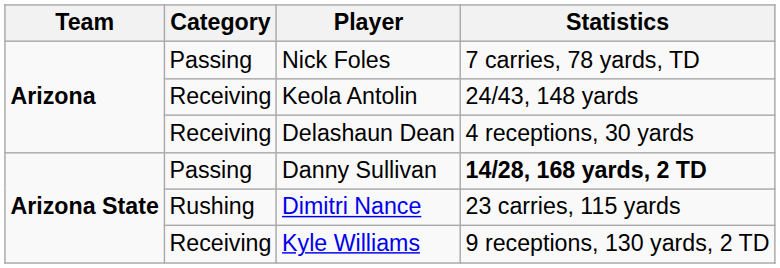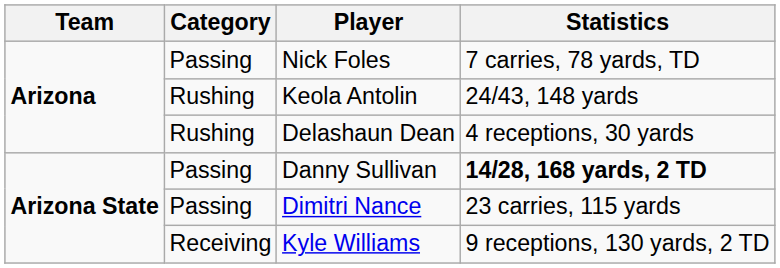 <table class="wikitable" style="float: right;">
 <tr>
 <th>Team</th>
 <th>Category</th>
 <th>Player</th>
 <th>Statistics</th>
 </tr>
 <tr>
 <td rowspan=3><strong>Arizona</strong></td>
 <td>Passing</td>
 <td>Nick Foles</td>
 <td>7 carries, 78 yards, TD</td>
 </tr>
 <tr>
-<td>Receiving</td>
+<td>Rushing</td>
 <td>Keola Antolin</td>
 <td>24/43, 148 yards</td>
 </tr>
 <tr>
-<td>Receiving</td>
+<td>Rushing</td>
 <td>Delashaun Dean</td>
 <td>4 receptions, 30 yards</td>
 </tr>
 <tr>
 <td rowspan=3><strong>Arizona State</strong></td>
 <td>Passing</td>
 <td>Danny Sullivan</td>
 <td><strong>14/28, 168 yards, 2 TD</strong></td>
 </tr>
 <tr>
-<td>Rushing</td>
+<td>Passing</td>
 <td><a href='#'>Dimitri Nance</a></td>
 <td>23 carries, 115 yards</td>
 </tr>
 <tr>
 <td>Receiving</td>
 <td><a href='#'>Kyle Williams</a></td>
 <td>9 receptions, 130 yards, 2 TD</td>
 </tr>
 </table>
